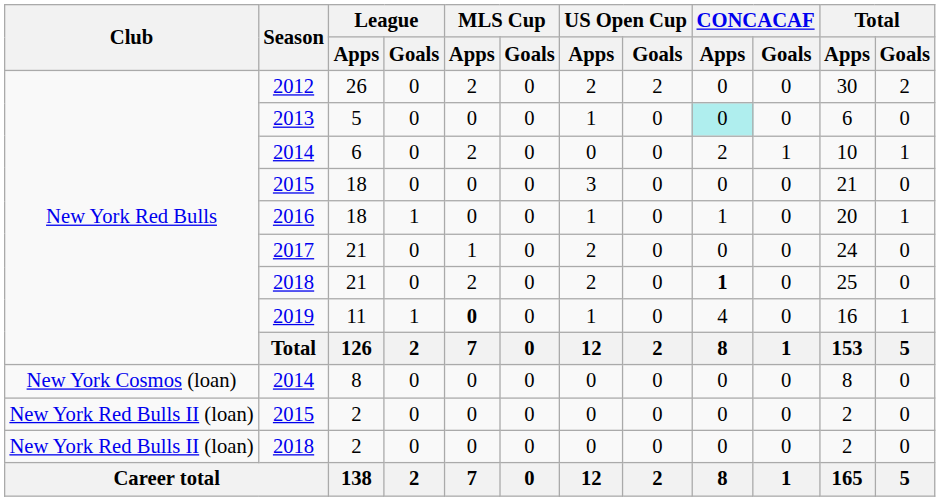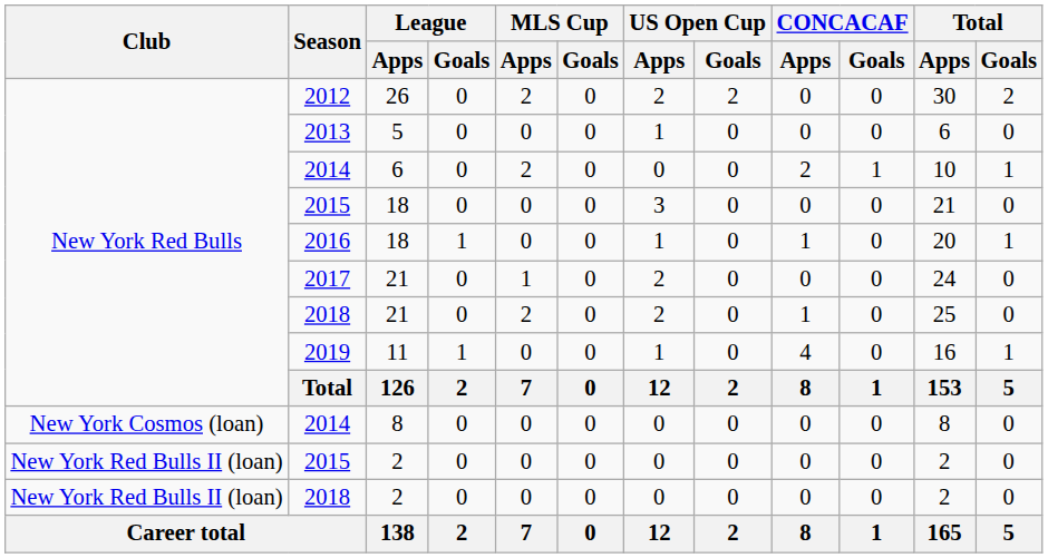 <table class="wikitable" style="text-align: center;">
 <tr>
 <th rowspan="2">Club</th>
 <th rowspan="2">Season</th>
 <th colspan="2">League</th>
 <th colspan="2">MLS Cup</th>
 <th colspan="2">US Open Cup</th>
 <th colspan="2"><a href='#'>CONCACAF</a></th>
 <th colspan="2">Total</th>
 </tr>
 <tr>
 <th>Apps</th>
 <th>Goals</th>
 <th>Apps</th>
 <th>Goals</th>
 <th>Apps</th>
 <th>Goals</th>
 <th>Apps</th>
 <th>Goals</th>
 <th>Apps</th>
 <th>Goals</th>
 </tr>
 <tr>
 <td rowspan="9"><a href='#'>New York Red Bulls</a></td>
 <td><a href='#'>2012</a></td>
 <td>26</td>
 <td>0</td>
 <td>2</td>
 <td>0</td>
 <td>2</td>
 <td>2</td>
 <td>0</td>
 <td>0</td>
 <td>30</td>
 <td>2</td>
 </tr>
 <tr>
 <td><a href='#'>2013</a></td>
 <td>5</td>
 <td>0</td>
 <td>0</td>
 <td>0</td>
 <td>1</td>
 <td>0</td>
-<td style="background: paleturquoise;">0</td>
+<td>0</td>
 <td>0</td>
 <td>6</td>
 <td>0</td>
 </tr>
 <tr>
 <td><a href='#'>2014</a></td>
 <td>6</td>
 <td>0</td>
 <td>2</td>
 <td>0</td>
 <td>0</td>
 <td>0</td>
 <td>2</td>
 <td>1</td>
 <td>10</td>
 <td>1</td>
 </tr>
 <tr>
 <td><a href='#'>2015</a></td>
 <td>18</td>
 <td>0</td>
 <td>0</td>
 <td>0</td>
 <td>3</td>
 <td>0</td>
 <td>0</td>
 <td>0</td>
 <td>21</td>
 <td>0</td>
 </tr>
 <tr>
 <td><a href='#'>2016</a></td>
 <td>18</td>
 <td>1</td>
 <td>0</td>
 <td>0</td>
 <td>1</td>
 <td>0</td>
 <td>1</td>
 <td>0</td>
 <td>20</td>
 <td>1</td>
 </tr>
 <tr>
 <td><a href='#'>2017</a></td>
 <td>21</td>
 <td>0</td>
 <td>1</td>
 <td>0</td>
 <td>2</td>
 <td>0</td>
 <td>0</td>
 <td>0</td>
 <td>24</td>
 <td>0</td>
 </tr>
 <tr>
 <td><a href='#'>2018</a></td>
 <td>21</td>
 <td>0</td>
 <td>2</td>
 <td>0</td>
 <td>2</td>
 <td>0</td>
-<td><strong>1</strong></td>
+<td>1</td>
 <td>0</td>
 <td>25</td>
 <td>0</td>
 </tr>
 <tr>
 <td><a href='#'>2019</a></td>
 <td>11</td>
 <td>1</td>
-<td><strong>0</strong></td>
+<td>0</td>
 <td>0</td>
 <td>1</td>
 <td>0</td>
 <td>4</td>
 <td>0</td>
 <td>16</td>
 <td>1</td>
 </tr>
 <tr>
 <th>Total</th>
 <th>126</th>
 <th>2</th>
 <th>7</th>
 <th>0</th>
 <th>12</th>
 <th>2</th>
 <th>8</th>
 <th>1</th>
 <th>153</th>
 <th>5</th>
 </tr>
 <tr>
 <td rowspan="1"><a href='#'>New York Cosmos</a> (loan)</td>
 <td><a href='#'>2014</a></td>
 <td>8</td>
 <td>0</td>
 <td>0</td>
 <td>0</td>
 <td>0</td>
 <td>0</td>
 <td>0</td>
 <td>0</td>
 <td>8</td>
 <td>0</td>
 </tr>
 <tr>
 <td rowspan="1"><a href='#'>New York Red Bulls II</a> (loan)</td>
 <td><a href='#'>2015</a></td>
 <td>2</td>
 <td>0</td>
 <td>0</td>
 <td>0</td>
 <td>0</td>
 <td>0</td>
 <td>0</td>
 <td>0</td>
 <td>2</td>
 <td>0</td>
 </tr>
 <tr>
 <td rowspan="1"><a href='#'>New York Red Bulls II</a> (loan)</td>
 <td><a href='#'>2018</a></td>
 <td>2</td>
 <td>0</td>
 <td>0</td>
 <td>0</td>
 <td>0</td>
 <td>0</td>
 <td>0</td>
 <td>0</td>
 <td>2</td>
 <td>0</td>
 </tr>
 <tr>
 <th colspan="2">Career total</th>
 <th>138</th>
 <th>2</th>
 <th>7</th>
 <th>0</th>
 <th>12</th>
 <th>2</th>
 <th>8</th>
 <th>1</th>
 <th>165</th>
 <th>5</th>
 </tr>
 </table>
